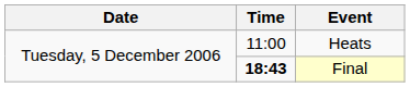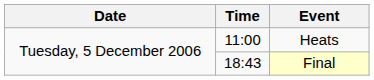 <table class = "wikitable" style="text-align:center;">
 <tr>
 <th width=220>Date</th>
 <th width=50>Time</th>
 <th width=100>Event</th>
 </tr>
 <tr>
 <td rowspan=2>Tuesday, 5 December 2006</td>
 <td>11:00</td>
 <td>Heats</td>
 </tr>
 <tr>
-<td><strong>18:43</strong></td>
+<td>18:43</td>
 <td bgcolor=ffffcc>Final</td>
 </tr>
 </table>
